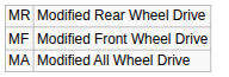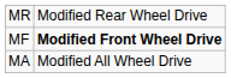 <table class="wikitable">
 <tr>
 <td>MR</td>
 <td>Modified Rear Wheel Drive</td>
 </tr>
 <tr>
 <td>MF</td>
-<td>Modified Front Wheel Drive</td>
+<td><strong>Modified Front Wheel Drive</strong></td>
 </tr>
 <tr>
 <td>MA</td>
 <td>Modified All Wheel Drive</td>
 </tr>
 </table>
